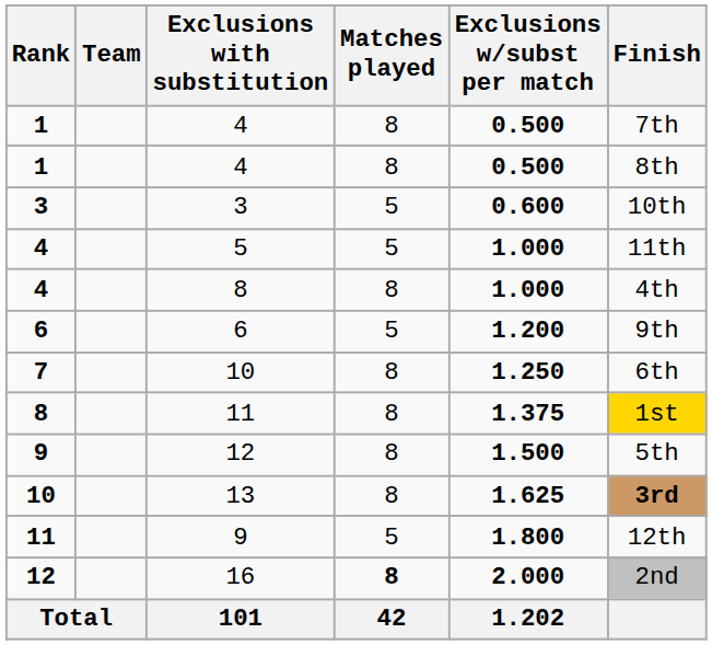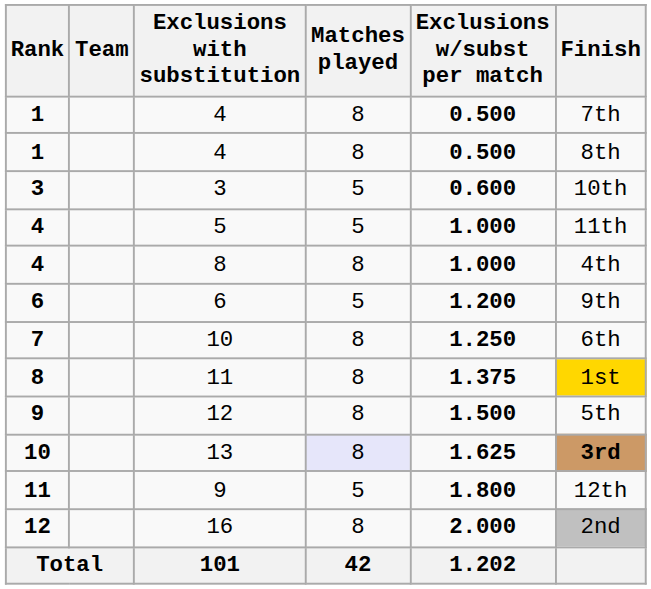 <table class="wikitable sortable" style="text-align: center; font-size: 90%; margin-left: 1em;">
 <tr>
 <th>Rank</th>
 <th>Team</th>
 <th>Exclusions<br>with<br>substitution</th>
 <th>Matches<br>played</th>
 <th>Exclusions<br>w/subst<br>per match</th>
 <th>Finish</th>
 </tr>
 <tr>
 <td><strong>1</strong></td>
 <td style="text-align: left;"></td>
 <td>4</td>
 <td>8</td>
 <td><strong>0.500</strong></td>
 <td>7th</td>
 </tr>
 <tr>
 <td><strong>1</strong></td>
 <td style="text-align: left;"></td>
 <td>4</td>
 <td>8</td>
 <td><strong>0.500</strong></td>
 <td>8th</td>
 </tr>
 <tr>
 <td><strong>3</strong></td>
 <td style="text-align: left;"></td>
 <td>3</td>
 <td>5</td>
 <td><strong>0.600</strong></td>
 <td>10th</td>
 </tr>
 <tr>
 <td><strong>4</strong></td>
 <td style="text-align: left;"></td>
 <td>5</td>
 <td>5</td>
 <td><strong>1.000</strong></td>
 <td>11th</td>
 </tr>
 <tr>
 <td><strong>4</strong></td>
 <td style="text-align: left;"></td>
 <td>8</td>
 <td>8</td>
 <td><strong>1.000</strong></td>
 <td>4th</td>
 </tr>
 <tr>
 <td><strong>6</strong></td>
 <td style="text-align: left;"></td>
 <td>6</td>
 <td>5</td>
 <td><strong>1.200</strong></td>
 <td>9th</td>
 </tr>
 <tr>
 <td><strong>7</strong></td>
 <td style="text-align: left;"></td>
 <td>10</td>
 <td>8</td>
 <td><strong>1.250</strong></td>
 <td>6th</td>
 </tr>
 <tr>
 <td><strong>8</strong></td>
 <td style="text-align: left;"></td>
 <td>11</td>
 <td>8</td>
 <td><strong>1.375</strong></td>
 <td style="background-color: gold;">1st</td>
 </tr>
 <tr>
 <td><strong>9</strong></td>
 <td style="text-align: left;"></td>
 <td>12</td>
 <td>8</td>
 <td><strong>1.500</strong></td>
 <td>5th</td>
 </tr>
 <tr>
 <td><strong>10</strong></td>
 <td style="text-align: left;"></td>
 <td>13</td>
-<td>8</td>
+<td style="background: lavender;">8</td>
 <td><strong>1.625</strong></td>
 <td style="background-color: #cc9966;"><strong>3rd</strong></td>
 </tr>
 <tr>
 <td><strong>11</strong></td>
 <td style="text-align: left;"></td>
 <td>9</td>
 <td>5</td>
 <td><strong>1.800</strong></td>
 <td>12th</td>
 </tr>
 <tr>
 <td><strong>12</strong></td>
 <td style="text-align: left;"></td>
 <td>16</td>
-<td><strong>8</strong></td>
+<td>8</td>
 <td><strong>2.000</strong></td>
 <td style="background-color: silver;">2nd</td>
 </tr>
 <tr>
 <th colspan="2">Total</th>
 <th>101</th>
 <th>42</th>
 <th>1.202</th>
 <th></th>
 </tr>
 </table>
